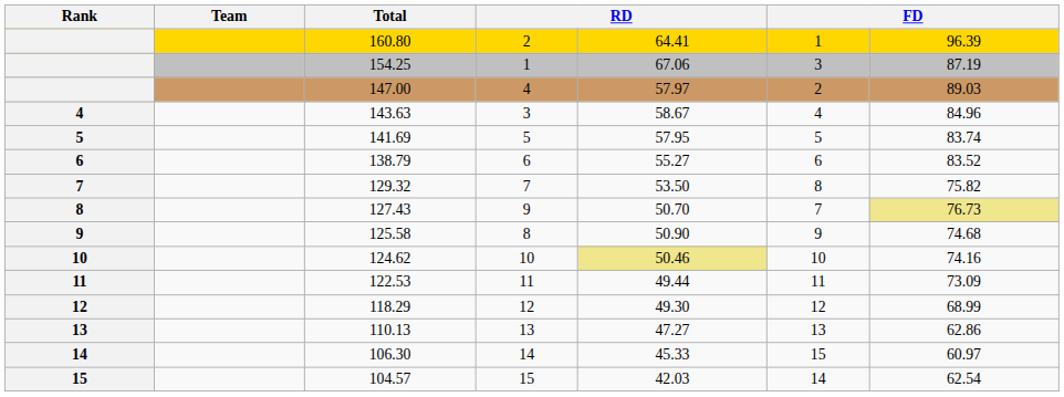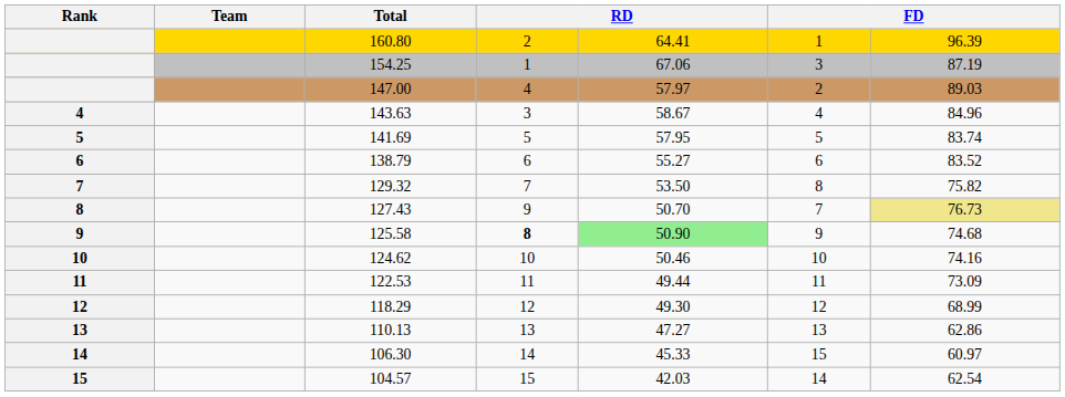 <table class="wikitable sortable" style="text-align:center; width:70%">
 <tr>
 <th scope="col">Rank</th>
 <th scope="col">Team</th>
 <th scope="col">Total</th>
 <th scope="col" colspan="2" width="80px"><a href='#'>RD</a></th>
 <th scope="col" colspan="2" width="80px"><a href='#'>FD</a></th>
 </tr>
 <tr bgcolor="gold">
 <th scope="row"></th>
 <td align="left"></td>
 <td>160.80</td>
 <td>2</td>
 <td>64.41</td>
 <td>1</td>
 <td>96.39</td>
 </tr>
 <tr bgcolor="silver">
 <th scope="row"></th>
 <td align="left"></td>
 <td>154.25</td>
 <td>1</td>
 <td>67.06</td>
 <td>3</td>
 <td>87.19</td>
 </tr>
 <tr bgcolor="cc9966">
 <th scope="row"></th>
 <td align="left"></td>
 <td>147.00</td>
 <td>4</td>
 <td>57.97</td>
 <td>2</td>
 <td>89.03</td>
 </tr>
 <tr>
 <th scope="row">4</th>
 <td align="left"></td>
 <td>143.63</td>
 <td>3</td>
 <td>58.67</td>
 <td>4</td>
 <td>84.96</td>
 </tr>
 <tr>
 <th scope="row">5</th>
 <td align="left"></td>
 <td>141.69</td>
 <td>5</td>
 <td>57.95</td>
 <td>5</td>
 <td>83.74</td>
 </tr>
 <tr>
 <th scope="row">6</th>
 <td align="left"></td>
 <td>138.79</td>
 <td>6</td>
 <td>55.27</td>
 <td>6</td>
 <td>83.52</td>
 </tr>
 <tr>
 <th scope="row">7</th>
 <td align="left"></td>
 <td>129.32</td>
 <td>7</td>
 <td>53.50</td>
 <td>8</td>
 <td>75.82</td>
 </tr>
 <tr>
 <th scope="row">8</th>
 <td align="left"></td>
 <td>127.43</td>
 <td>9</td>
 <td>50.70</td>
 <td>7</td>
 <td style="background: khaki;">76.73</td>
 </tr>
 <tr>
 <th scope="row">9</th>
 <td align="left"></td>
 <td>125.58</td>
-<td>8</td>
-<td>50.90</td>
+<td><strong>8</strong></td>
+<td style="background: lightgreen;">50.90</td>
 <td>9</td>
 <td>74.68</td>
 </tr>
 <tr>
 <th scope="row">10</th>
 <td align="left"></td>
 <td>124.62</td>
 <td>10</td>
-<td style="background: khaki;">50.46</td>
+<td>50.46</td>
 <td>10</td>
 <td>74.16</td>
 </tr>
 <tr>
 <th scope="row">11</th>
 <td align="left"></td>
 <td>122.53</td>
 <td>11</td>
 <td>49.44</td>
 <td>11</td>
 <td>73.09</td>
 </tr>
 <tr>
 <th scope="row">12</th>
 <td align="left"></td>
 <td>118.29</td>
 <td>12</td>
 <td>49.30</td>
 <td>12</td>
 <td>68.99</td>
 </tr>
 <tr>
 <th scope="row">13</th>
 <td align="left"></td>
 <td>110.13</td>
 <td>13</td>
 <td>47.27</td>
 <td>13</td>
 <td>62.86</td>
 </tr>
 <tr>
 <th scope="row">14</th>
 <td align="left"></td>
 <td>106.30</td>
 <td>14</td>
 <td>45.33</td>
 <td>15</td>
 <td>60.97</td>
 </tr>
 <tr>
 <th scope="row">15</th>
 <td align="left"></td>
 <td>104.57</td>
 <td>15</td>
 <td>42.03</td>
 <td>14</td>
 <td>62.54</td>
 </tr>
 </table>
